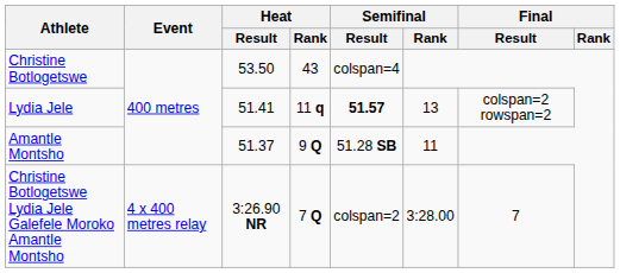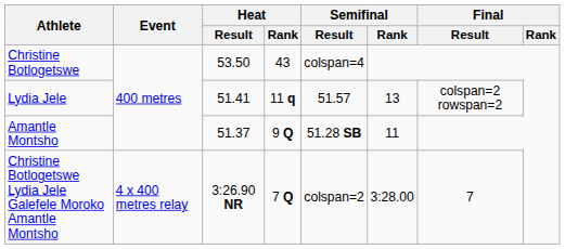 <table class="wikitable" style="font-size:90%">
 <tr>
 <th rowspan="2">Athlete</th>
 <th rowspan="2">Event</th>
 <th colspan="2">Heat</th>
 <th colspan="2">Semifinal</th>
 <th colspan="2">Final</th>
 </tr>
 <tr style="font-size:95%">
 <th>Result</th>
 <th>Rank</th>
 <th>Result</th>
 <th>Rank</th>
 <th>Result</th>
 <th>Rank</th>
 </tr>
 <tr style=text-align:center>
 <td style=text-align:left><a href='#'>Christine Botlogetswe</a></td>
 <td style=text-align:left rowspan=3><a href='#'>400 metres</a></td>
 <td>53.50</td>
 <td>43</td>
 <td>colspan=4 </td>
 </tr>
 <tr style=text-align:center>
 <td style=text-align:left><a href='#'>Lydia Jele</a></td>
 <td>51.41</td>
 <td>11 <strong>q</strong></td>
-<td><strong>51.57</strong></td>
+<td>51.57</td>
 <td>13</td>
 <td>colspan=2 rowspan=2 </td>
 </tr>
 <tr style=text-align:center>
 <td style=text-align:left><a href='#'>Amantle Montsho</a></td>
 <td>51.37</td>
 <td>9 <strong>Q</strong></td>
 <td>51.28 <strong>SB</strong></td>
 <td>11</td>
 </tr>
 <tr style=text-align:center>
 <td style=text-align:left><a href='#'>Christine Botlogetswe</a><br><a href='#'>Lydia Jele</a><br><a href='#'>Galefele Moroko</a><br><a href='#'>Amantle Montsho</a></td>
 <td style=text-align:left><a href='#'>4 x 400 metres relay</a></td>
 <td>3:26.90 <strong>NR</strong></td>
 <td>7 <strong>Q</strong></td>
 <td>colspan=2</td>
 <td>3:28.00</td>
 <td>7</td>
 </tr>
 </table>
